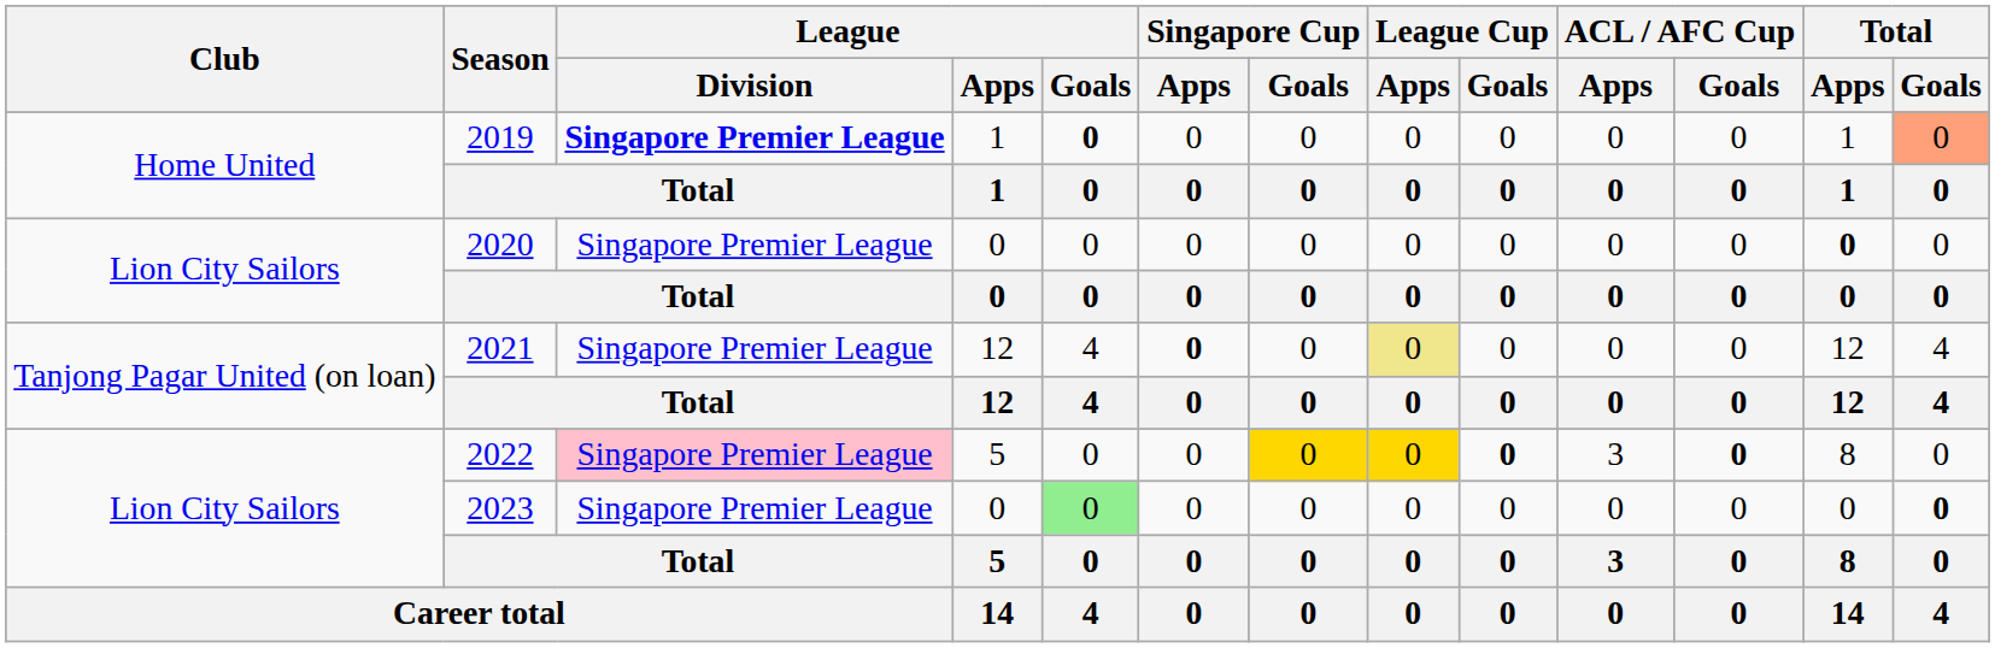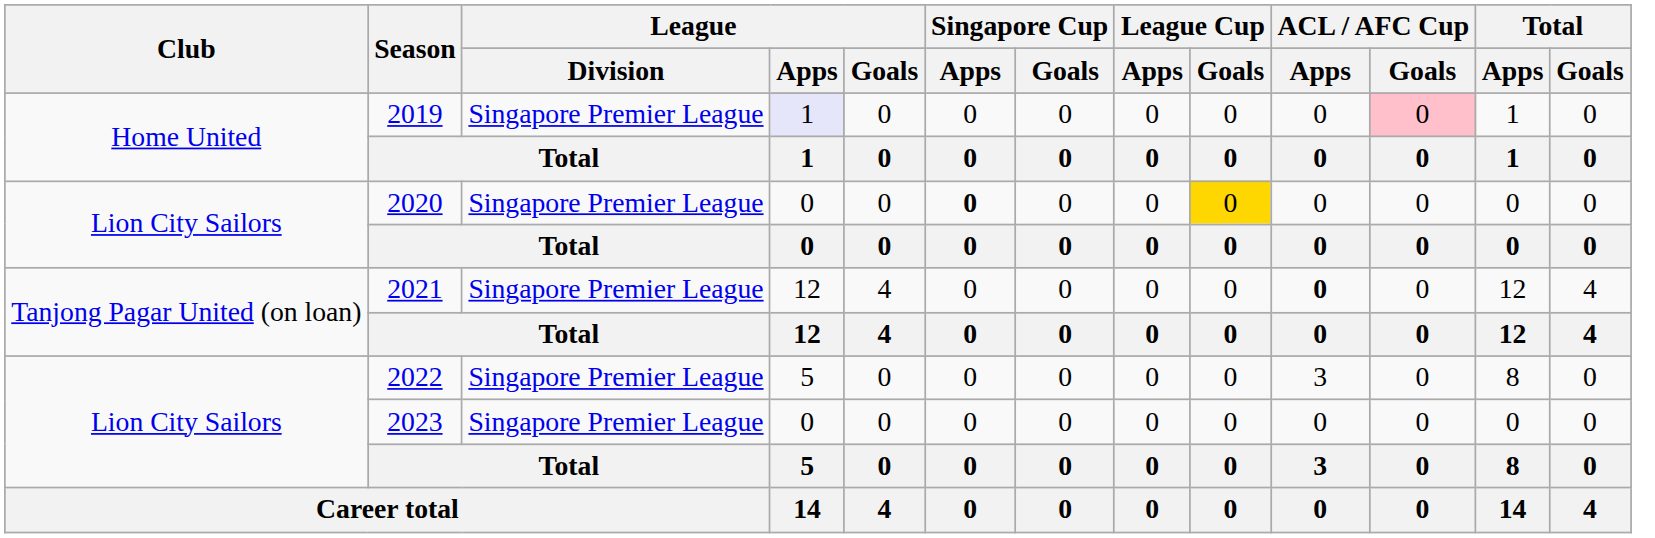 <table class="wikitable" style="text-align: center">
 <tr>
 <th rowspan="2">Club</th>
 <th rowspan="2">Season</th>
 <th colspan="3">League</th>
 <th colspan="2">Singapore Cup</th>
 <th colspan="2">League Cup</th>
 <th colspan="2">ACL / AFC Cup</th>
 <th colspan="2">Total</th>
 </tr>
 <tr>
 <th>Division</th>
 <th>Apps</th>
 <th>Goals</th>
 <th>Apps</th>
 <th>Goals</th>
 <th>Apps</th>
 <th>Goals</th>
 <th>Apps</th>
 <th>Goals</th>
 <th>Apps</th>
 <th>Goals</th>
 </tr>
 <tr>
 <td rowspan="2"><a href='#'>Home United</a></td>
 <td><a href='#'>2019</a></td>
-<td><strong><a href='#'>Singapore Premier League</a></strong></td>
-<td>1</td>
-<td><strong>0</strong></td>
+<td><a href='#'>Singapore Premier League</a></td>
+<td style="background: lavender;">1</td>
 <td>0</td>
 <td>0</td>
 <td>0</td>
 <td>0</td>
 <td>0</td>
 <td>0</td>
+<td style="background: pink;">0</td>
 <td>1</td>
-<td style="background: lightsalmon;">0</td>
+<td>0</td>
 </tr>
 <tr>
 <th colspan=2>Total</th>
 <th>1</th>
 <th>0</th>
 <th>0</th>
 <th>0</th>
 <th>0</th>
 <th>0</th>
 <th>0</th>
 <th>0</th>
 <th>1</th>
 <th>0</th>
 </tr>
 <tr>
 <td rowspan="2"><a href='#'>Lion City Sailors</a></td>
 <td><a href='#'>2020</a></td>
 <td><a href='#'>Singapore Premier League</a></td>
 <td>0</td>
 <td>0</td>
+<td><strong>0</strong></td>
+<td>0</td>
+<td>0</td>
+<td style="background: gold;">0</td>
 <td>0</td>
 <td>0</td>
 <td>0</td>
-<td>0</td>
-<td>0</td>
-<td>0</td>
-<td><strong>0</strong></td>
 <td>0</td>
 </tr>
 <tr>
 <th colspan=2>Total</th>
 <th>0</th>
 <th>0</th>
 <th>0</th>
 <th>0</th>
 <th>0</th>
 <th>0</th>
 <th>0</th>
 <th>0</th>
 <th>0</th>
 <th>0</th>
 </tr>
 <tr>
 <td rowspan="2"><a href='#'>Tanjong Pagar United</a> (on loan)</td>
 <td><a href='#'>2021</a></td>
 <td><a href='#'>Singapore Premier League</a></td>
 <td>12</td>
 <td>4</td>
-<td><strong>0</strong></td>
-<td>0</td>
-<td style="background: khaki;">0</td>
 <td>0</td>
 <td>0</td>
+<td>0</td>
+<td>0</td>
+<td><strong>0</strong></td>
 <td>0</td>
 <td>12</td>
 <td>4</td>
 </tr>
 <tr>
 <th colspan=2>Total</th>
 <th>12</th>
 <th>4</th>
 <th>0</th>
 <th>0</th>
 <th>0</th>
 <th>0</th>
 <th>0</th>
 <th>0</th>
 <th>12</th>
 <th>4</th>
 </tr>
 <tr>
 <td rowspan="3"><a href='#'>Lion City Sailors</a></td>
 <td><a href='#'>2022</a></td>
-<td style="background: pink;"><a href='#'>Singapore Premier League</a></td>
+<td><a href='#'>Singapore Premier League</a></td>
 <td>5</td>
 <td>0</td>
 <td>0</td>
-<td style="background: gold;">0</td>
-<td style="background: gold;">0</td>
-<td><strong>0</strong></td>
+<td>0</td>
+<td>0</td>
+<td>0</td>
 <td>3</td>
-<td><strong>0</strong></td>
+<td>0</td>
 <td>8</td>
 <td>0</td>
 </tr>
 <tr>
 <td><a href='#'>2023</a></td>
 <td><a href='#'>Singapore Premier League</a></td>
 <td>0</td>
-<td style="background: lightgreen;">0</td>
 <td>0</td>
 <td>0</td>
 <td>0</td>
 <td>0</td>
 <td>0</td>
 <td>0</td>
 <td>0</td>
-<td><strong>0</strong></td>
+<td>0</td>
+<td>0</td>
 </tr>
 <tr>
 <th colspan=2>Total</th>
 <th>5</th>
 <th>0</th>
 <th>0</th>
 <th>0</th>
 <th>0</th>
 <th>0</th>
 <th>3</th>
 <th>0</th>
 <th>8</th>
 <th>0</th>
 </tr>
 <tr>
 <th colspan=3>Career total</th>
 <th>14</th>
 <th>4</th>
 <th>0</th>
 <th>0</th>
 <th>0</th>
 <th>0</th>
 <th>0</th>
 <th>0</th>
 <th>14</th>
 <th>4</th>
 </tr>
 </table>
